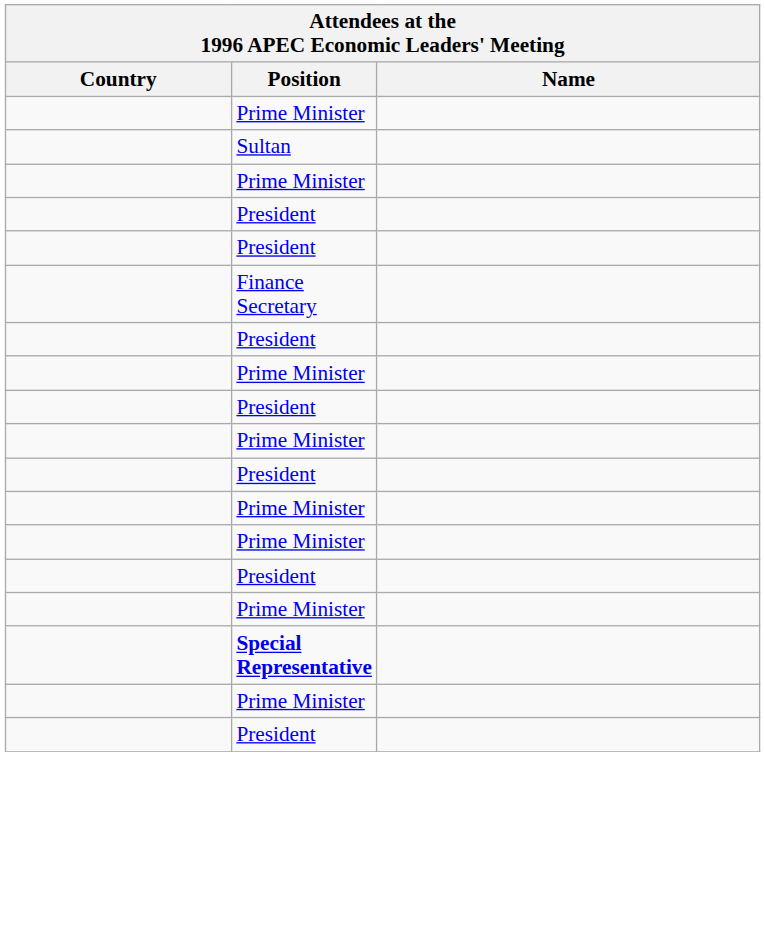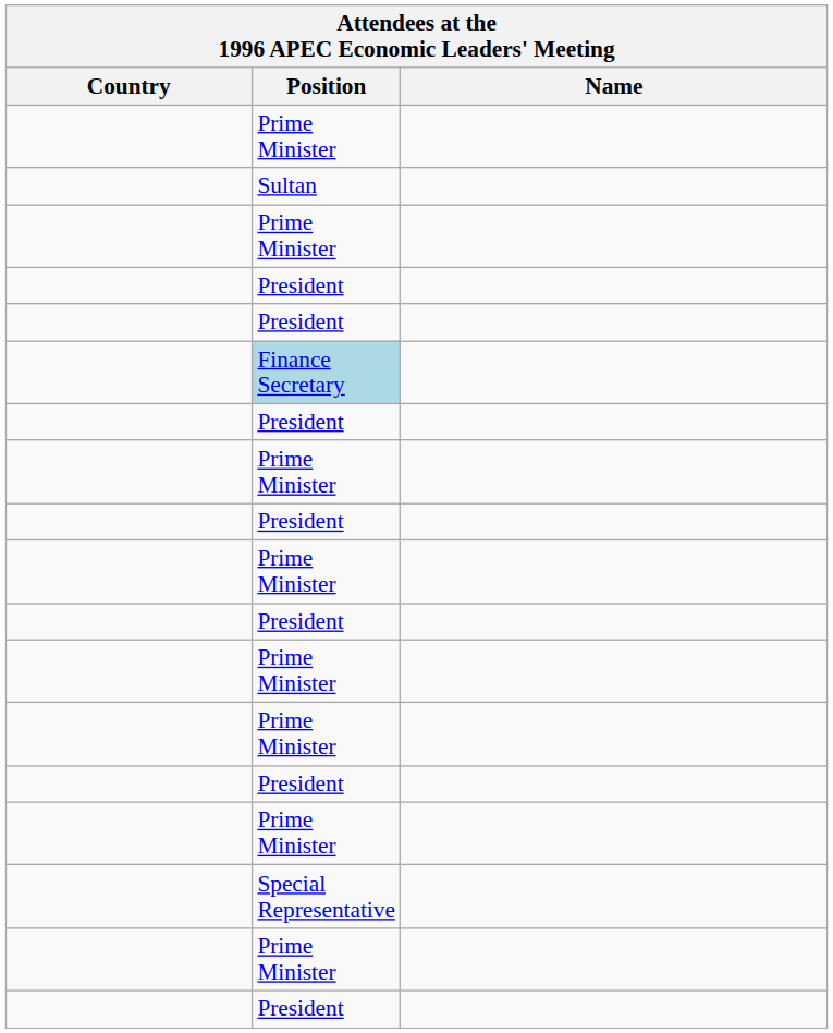 <table class="wikitable collapsible sortable collapsed" style="margin:1em auto; width:45%;">
 <tr>
 <th colspan=4>Attendees at the<br> 1996 APEC Economic Leaders' Meeting</th>
 </tr>
 <tr>
 <th width=30%>Country</th>
 <th width=10%>Position</th>
 <th>Name</th>
 </tr>
 <tr>
 <td></td>
 <td><a href='#'>Prime Minister</a></td>
 <td></td>
 </tr>
 <tr>
 <td></td>
 <td><a href='#'>Sultan</a></td>
 <td></td>
 </tr>
 <tr>
 <td></td>
 <td><a href='#'>Prime Minister</a></td>
 <td></td>
 </tr>
 <tr>
 <td></td>
 <td><a href='#'>President</a></td>
 <td></td>
 </tr>
 <tr>
 <td></td>
 <td><a href='#'>President</a></td>
 <td></td>
 </tr>
 <tr>
 <td></td>
-<td><a href='#'>Finance Secretary</a></td>
+<td style="background: lightblue;"><a href='#'>Finance Secretary</a></td>
 <td></td>
 </tr>
 <tr>
 <td></td>
 <td><a href='#'>President</a></td>
 <td></td>
 </tr>
 <tr>
 <td></td>
 <td><a href='#'>Prime Minister</a></td>
 <td></td>
 </tr>
 <tr>
 <td></td>
 <td><a href='#'>President</a></td>
 <td></td>
 </tr>
 <tr>
 <td></td>
 <td><a href='#'>Prime Minister</a></td>
 <td></td>
 </tr>
 <tr>
 <td></td>
 <td><a href='#'>President</a></td>
 <td></td>
 </tr>
 <tr>
 <td></td>
 <td><a href='#'>Prime Minister</a></td>
 <td></td>
 </tr>
 <tr>
 <td></td>
 <td><a href='#'>Prime Minister</a></td>
 <td></td>
 </tr>
 <tr>
 <td></td>
 <td><a href='#'>President</a></td>
 <td></td>
 </tr>
 <tr>
 <td></td>
 <td><a href='#'>Prime Minister</a></td>
 <td></td>
 </tr>
 <tr>
 <td></td>
-<td><strong><a href='#'>Special Representative</a></strong></td>
+<td><a href='#'>Special Representative</a></td>
 <td></td>
 </tr>
 <tr>
 <td></td>
 <td><a href='#'>Prime Minister</a></td>
 <td></td>
 </tr>
 <tr>
 <td></td>
 <td><a href='#'>President</a></td>
 <td></td>
 </tr>
 <tr>
 </tr>
 </table>
